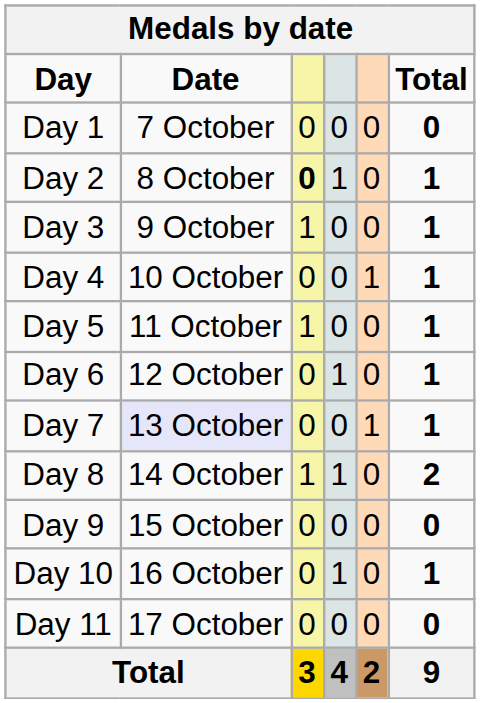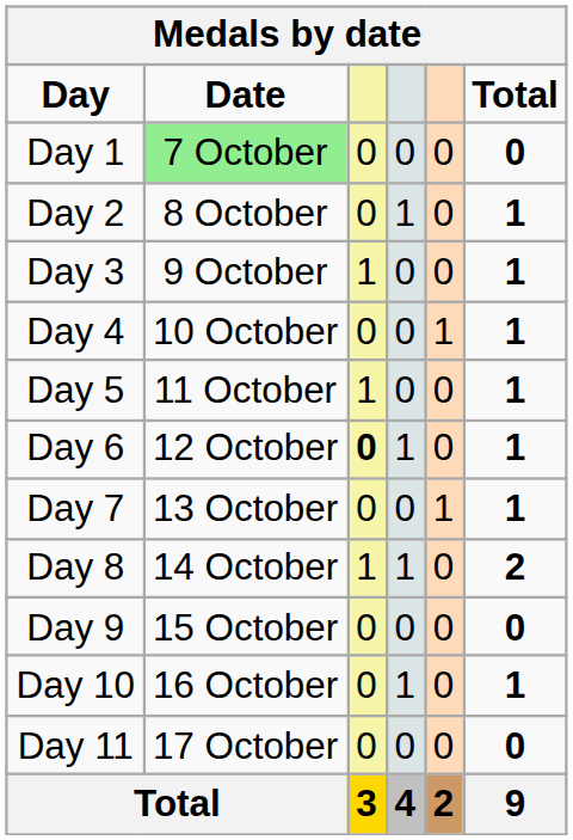 <table class=wikitable style="font-size:85%;float:right;clear:right;">
 <tr bgcolor=efefef>
 <th colspan=6><strong>Medals by date</strong></th>
 </tr>
 <tr align=center>
 <td><strong>Day</strong></td>
 <td><strong>Date</strong></td>
 <td bgcolor=#f7f6a8></td>
 <td bgcolor=#dce5e5></td>
 <td bgcolor=#ffdab9></td>
 <td><strong>Total</strong></td>
 </tr>
 <tr align=center>
 <td>Day 1</td>
-<td>7 October</td>
+<td style="background: lightgreen;">7 October</td>
 <td bgcolor=F7F6A8>0</td>
 <td bgcolor=DCE5E5>0</td>
 <td bgcolor=FFDAB9>0</td>
 <td><strong>0</strong></td>
 </tr>
 <tr align=center>
 <td>Day 2</td>
 <td>8 October</td>
-<td bgcolor=F7F6A8><strong>0</strong></td>
+<td bgcolor=F7F6A8>0</td>
 <td bgcolor=DCE5E5>1</td>
 <td bgcolor=FFDAB9>0</td>
 <td><strong>1</strong></td>
 </tr>
 <tr align=center>
 <td>Day 3</td>
 <td>9 October</td>
 <td bgcolor=F7F6A8>1</td>
 <td bgcolor=DCE5E5>0</td>
 <td bgcolor=FFDAB9>0</td>
 <td><strong>1</strong></td>
 </tr>
 <tr align=center>
 <td>Day 4</td>
 <td>10 October</td>
 <td bgcolor=F7F6A8>0</td>
 <td bgcolor=DCE5E5>0</td>
 <td bgcolor=FFDAB9>1</td>
 <td><strong>1</strong></td>
 </tr>
 <tr align=center>
 <td>Day 5</td>
 <td>11 October</td>
 <td bgcolor=F7F6A8>1</td>
 <td bgcolor=DCE5E5>0</td>
 <td bgcolor=FFDAB9>0</td>
 <td><strong>1</strong></td>
 </tr>
 <tr align=center>
 <td>Day 6</td>
 <td>12 October</td>
-<td bgcolor=F7F6A8>0</td>
+<td bgcolor=F7F6A8><strong>0</strong></td>
 <td bgcolor=DCE5E5>1</td>
 <td bgcolor=FFDAB9>0</td>
 <td><strong>1</strong></td>
 </tr>
 <tr align=center>
 <td>Day 7</td>
-<td style="background: lavender;">13 October</td>
+<td>13 October</td>
 <td bgcolor=F7F6A8>0</td>
 <td bgcolor=DCE5E5>0</td>
 <td bgcolor=FFDAB9>1</td>
 <td><strong>1</strong></td>
 </tr>
 <tr align=center>
 <td>Day 8</td>
 <td>14 October</td>
 <td bgcolor=F7F6A8>1</td>
 <td bgcolor=DCE5E5>1</td>
 <td bgcolor=FFDAB9>0</td>
 <td><strong>2</strong></td>
 </tr>
 <tr align=center>
 <td>Day 9</td>
 <td>15 October</td>
 <td bgcolor=F7F6A8>0</td>
 <td bgcolor=DCE5E5>0</td>
 <td bgcolor=FFDAB9>0</td>
 <td><strong>0</strong></td>
 </tr>
 <tr align=center>
 <td>Day 10</td>
 <td>16 October</td>
 <td bgcolor=F7F6A8>0</td>
 <td bgcolor=DCE5E5>1</td>
 <td bgcolor=FFDAB9>0</td>
 <td><strong>1</strong></td>
 </tr>
 <tr align=center>
 <td>Day 11</td>
 <td>17 October</td>
 <td bgcolor=F7F6A8>0</td>
 <td bgcolor=DCE5E5>0</td>
 <td bgcolor=FFDAB9>0</td>
 <td><strong>0</strong></td>
 </tr>
 <tr>
 <th colspan=2><strong>Total</strong></th>
 <th style="background:gold"><strong>3</strong></th>
 <th style="background:silver"><strong>4</strong></th>
 <th style="background:#c96"><strong>2</strong></th>
 <th><strong>9</strong></th>
 </tr>
 </table>
